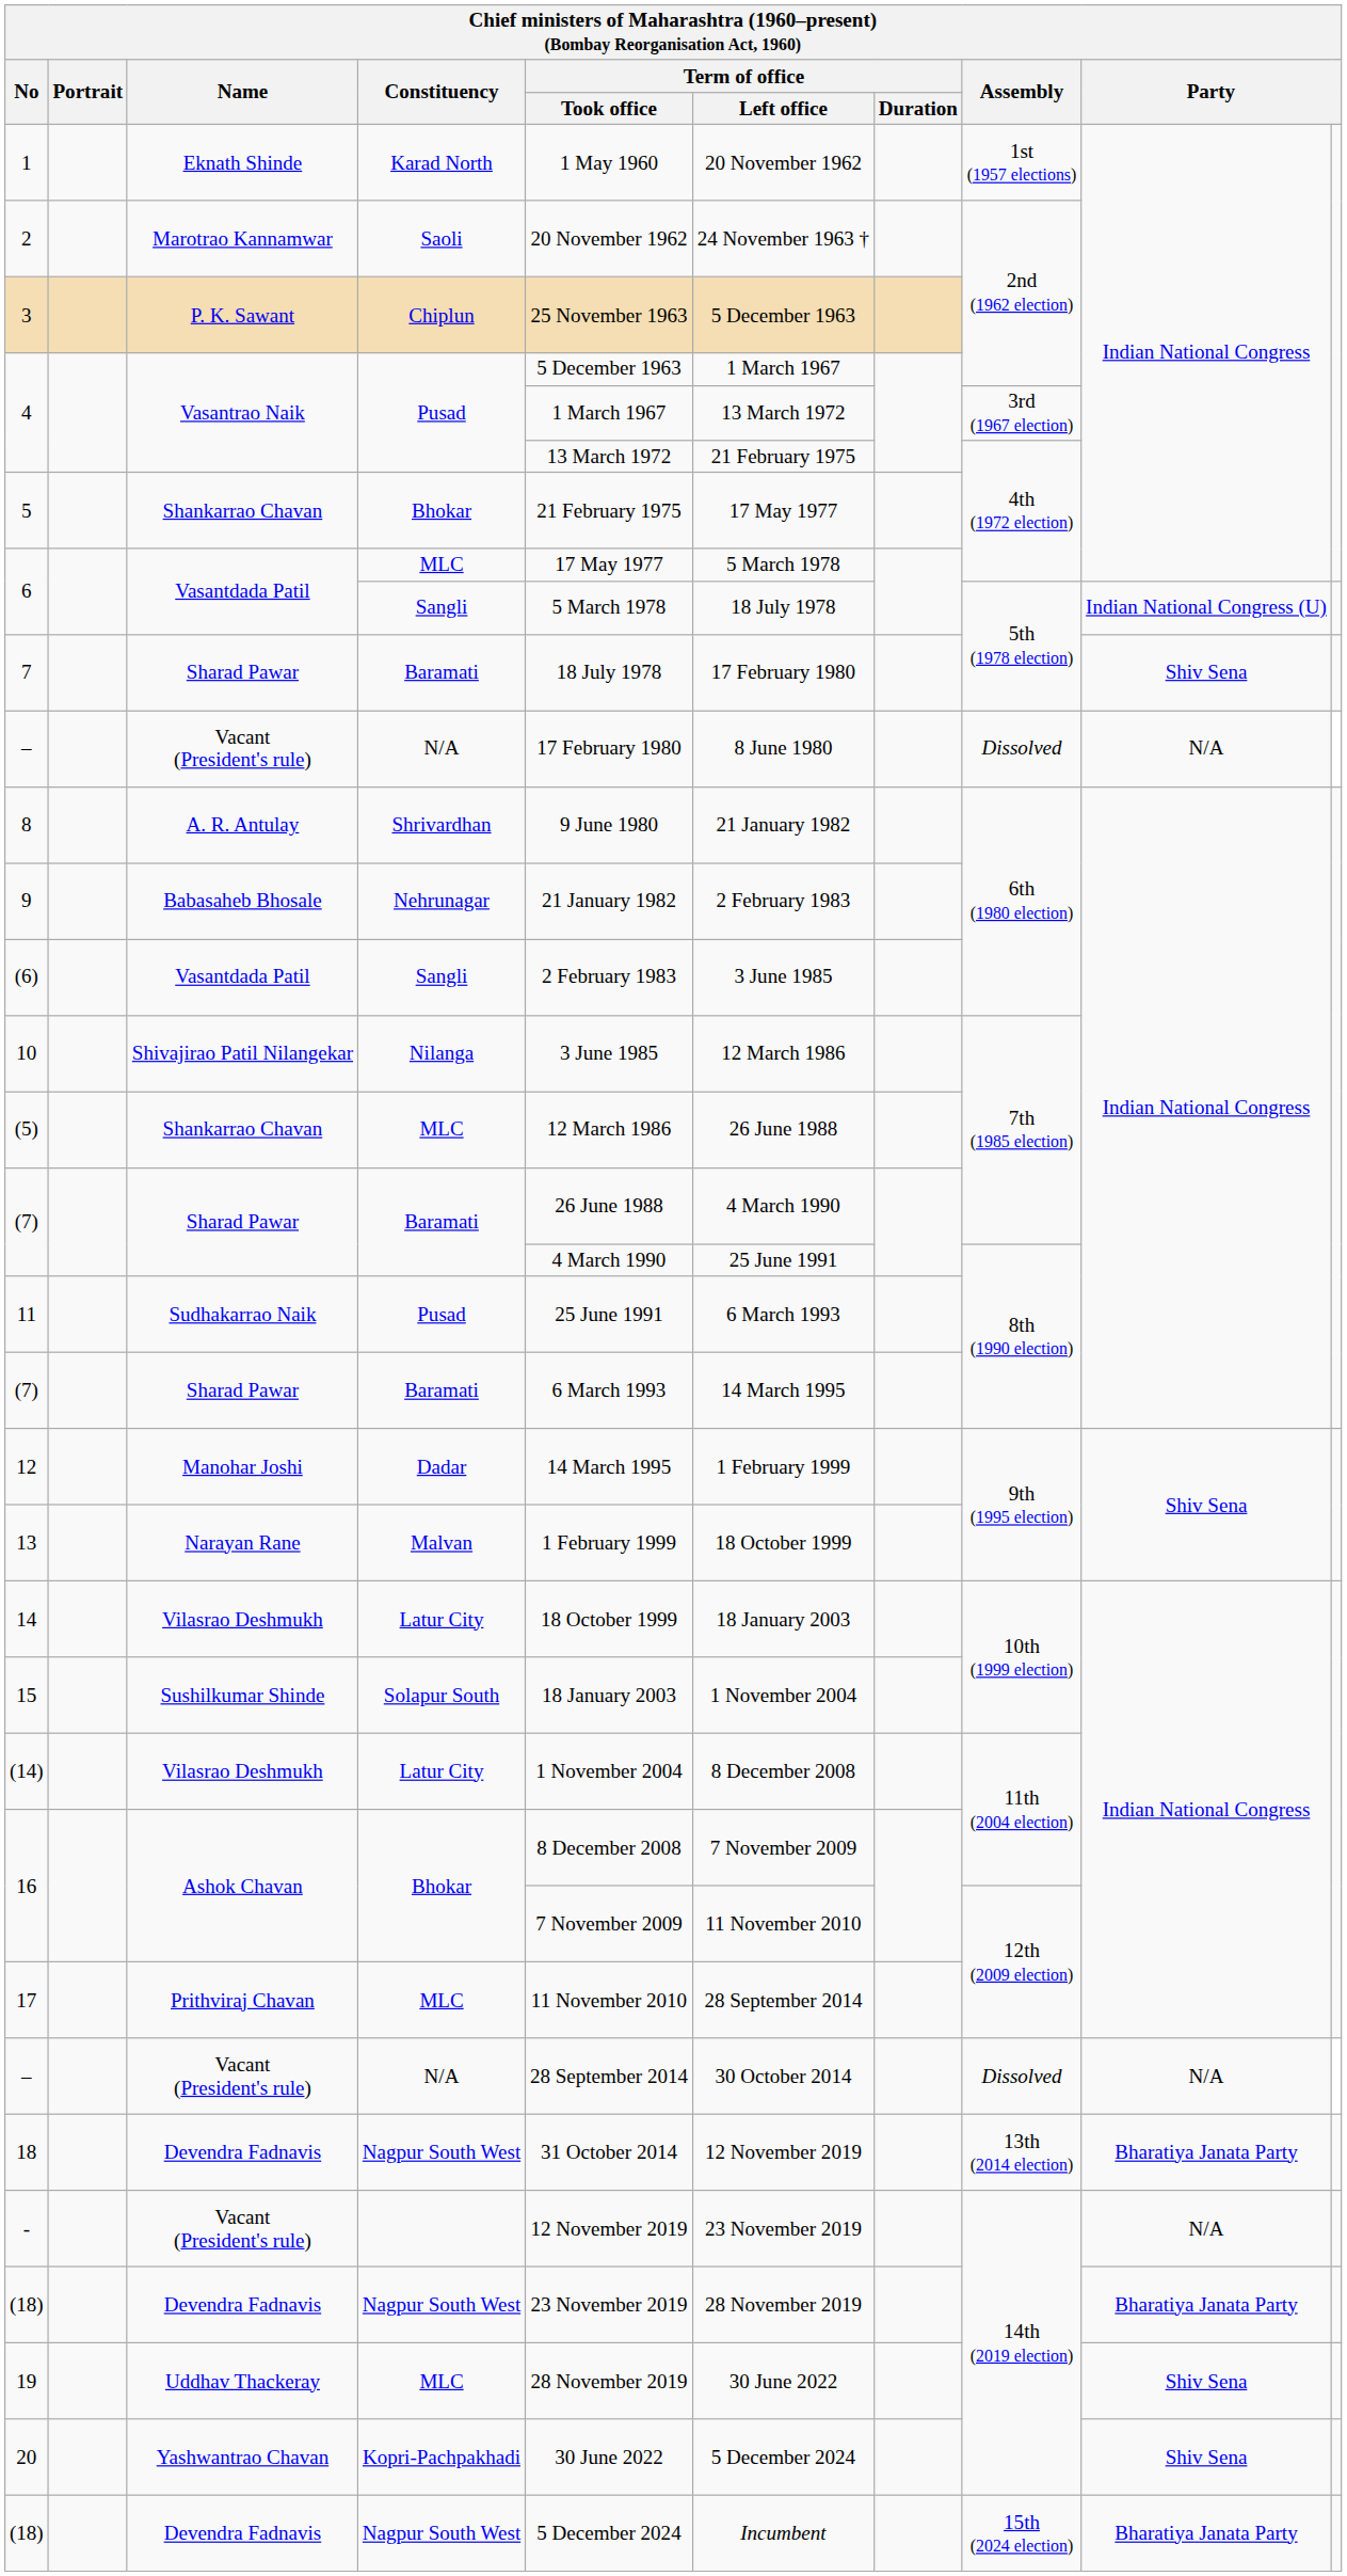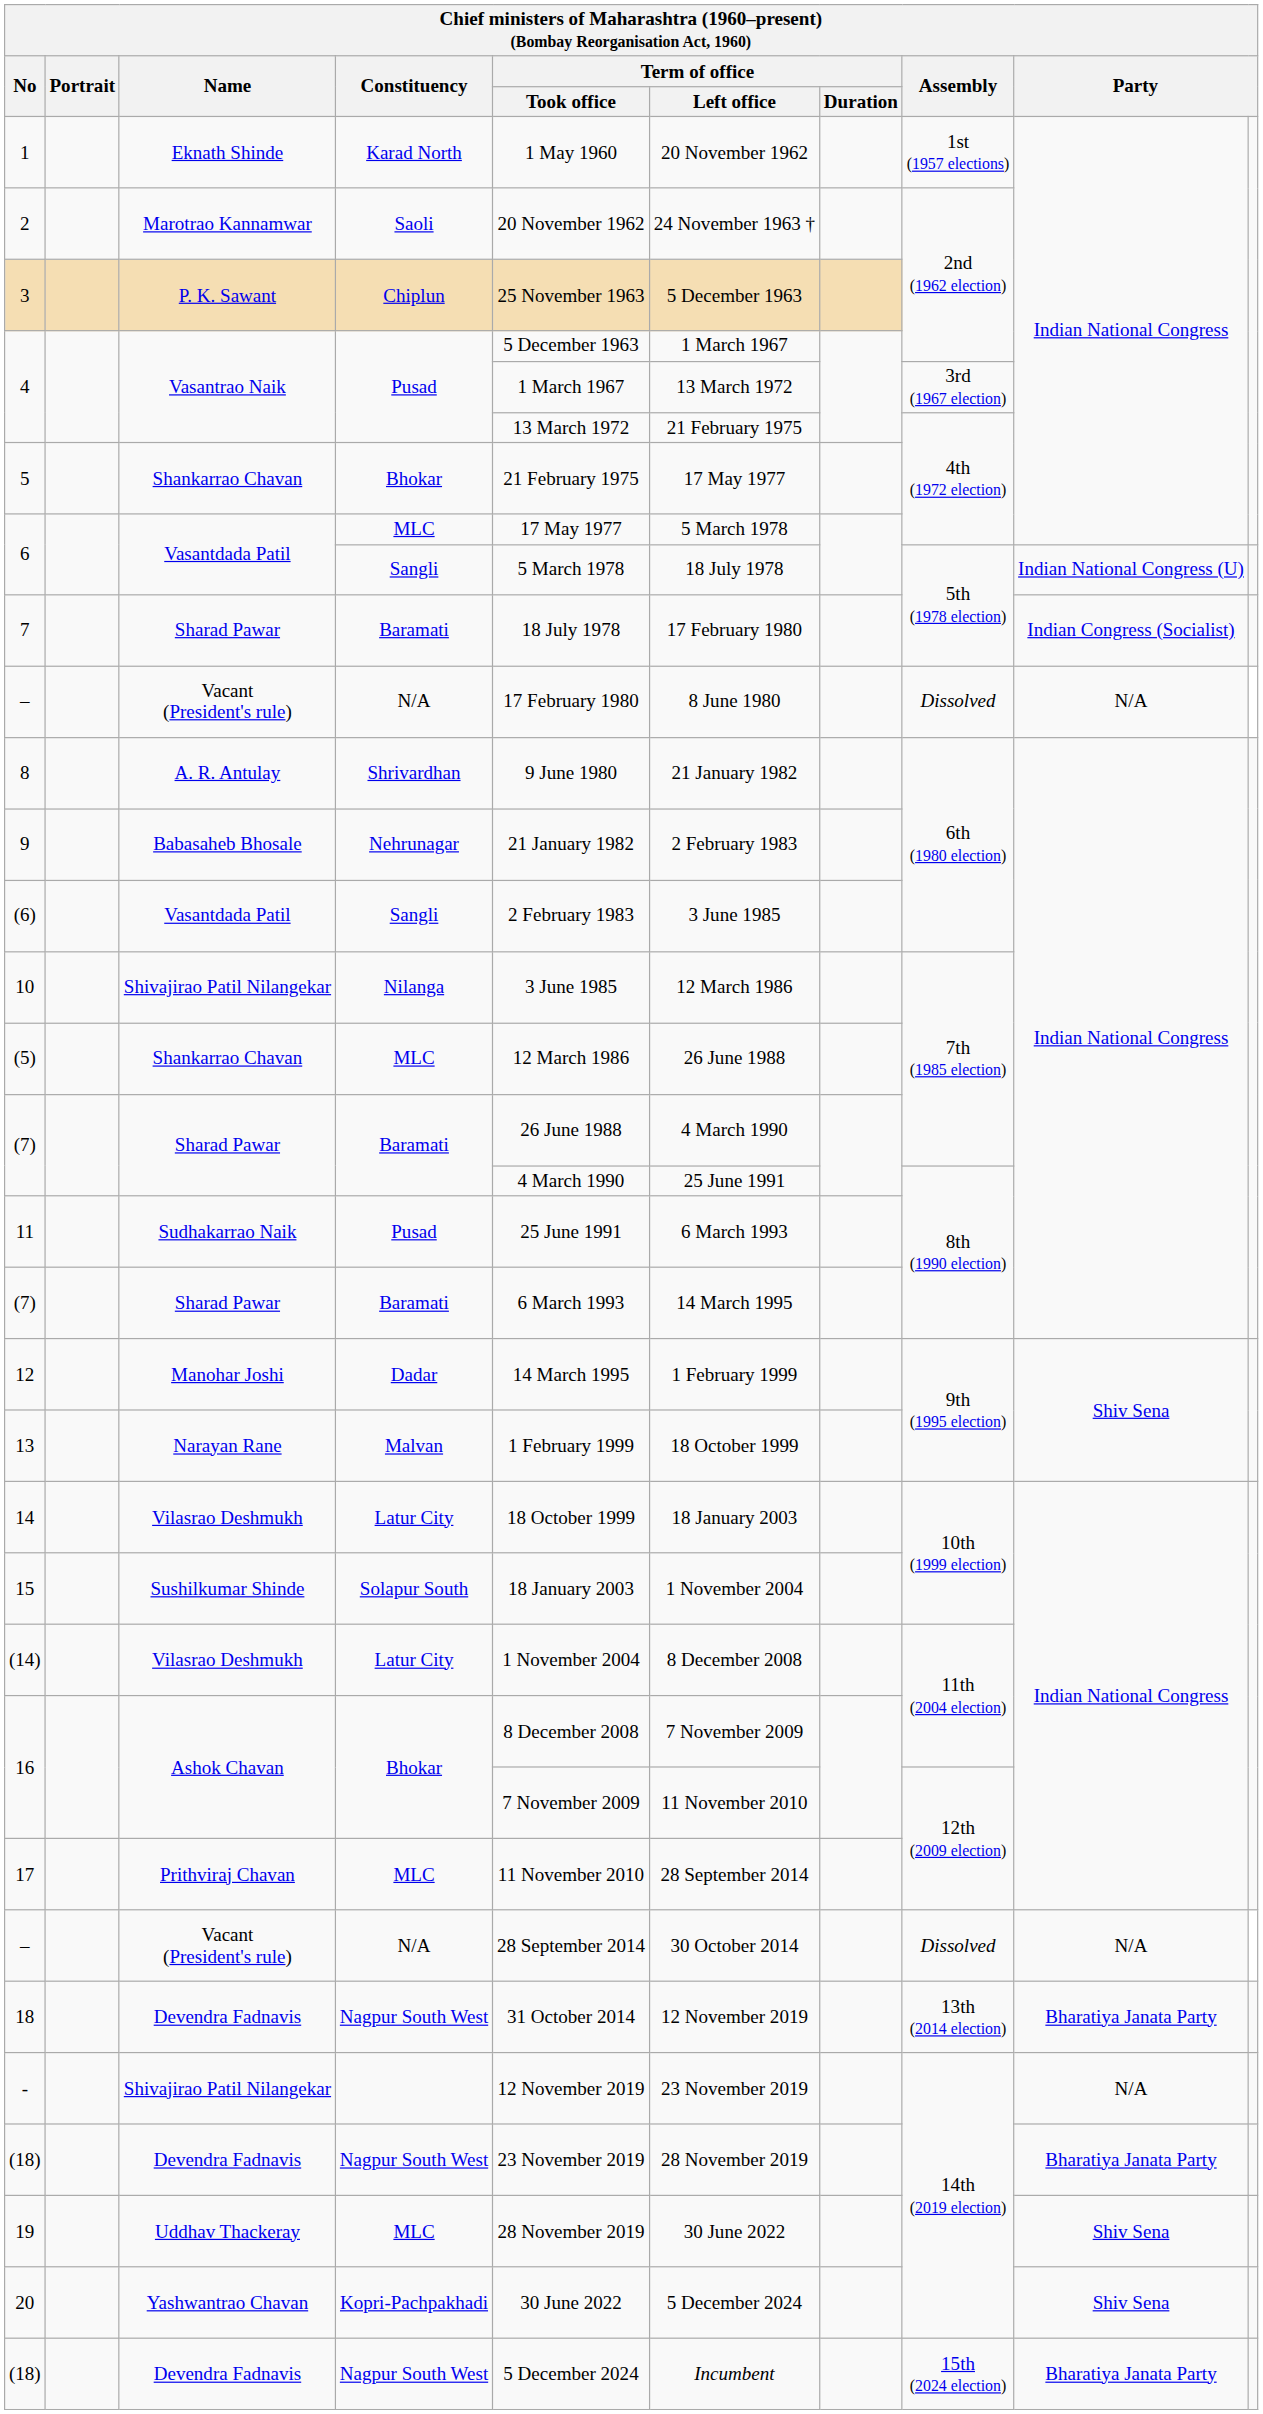 <table class="wikitable">
 <tr>
 <th colspan="10">Chief ministers of Maharashtra (1960–present)<br><small>(Bombay Reorganisation Act, 1960)</small></th>
 </tr>
 <tr>
 <th rowspan="2">No</th>
 <th rowspan="2">Portrait</th>
 <th rowspan="2">Name</th>
 <th rowspan="2">Constituency</th>
 <th colspan="3">Term of office</th>
 <th rowspan="2">Assembly</th>
 <th colspan="2" rowspan="2">Party<br></th>
 </tr>
 <tr>
 <th>Took office</th>
 <th>Left office</th>
 <th>Duration</th>
 </tr>
 <tr align="center" style="height: 60px;">
 <td>1</td>
 <td></td>
 <td><a href='#'>Eknath Shinde</a></td>
 <td><a href='#'>Karad North</a></td>
 <td>1 May 1960</td>
 <td>20 November 1962</td>
 <td></td>
 <td>1st<br><small>(<a href='#'>1957 elections</a>)</small></td>
 <td rowspan="8"><a href='#'>Indian National Congress</a></td>
 <td rowspan="8" style="background-color: "></td>
 </tr>
 <tr align="center" style="height: 60px;">
 <td>2</td>
 <td></td>
 <td><a href='#'>Marotrao Kannamwar</a></td>
 <td><a href='#'>Saoli</a></td>
 <td>20 November 1962</td>
 <td>24 November 1963 †</td>
 <td></td>
 <td rowspan="3">2nd<br><small>(<a href='#'>1962 election</a>)</small></td>
 </tr>
 <tr align="center" style="height: 60px;">
 <td style="background-color:Wheat">3</td>
 <td style="background-color:Wheat"></td>
 <td style="background-color:Wheat"><a href='#'>P. K. Sawant</a></td>
 <td style="background-color:Wheat"><a href='#'>Chiplun</a></td>
 <td style="background-color:Wheat">25 November 1963</td>
 <td style="background-color:Wheat">5 December 1963</td>
 <td style="background-color:Wheat"></td>
 </tr>
 <tr align="center">
 <td rowspan="3" style="height: 60px;">4</td>
 <td rowspan="3"></td>
 <td rowspan="3"><a href='#'>Vasantrao Naik</a></td>
 <td rowspan="3"><a href='#'>Pusad</a></td>
 <td>5 December 1963</td>
 <td>1 March 1967</td>
 <td rowspan="3"></td>
 </tr>
 <tr align="center">
 <td>1 March 1967</td>
 <td>13 March 1972</td>
 <td>3rd<br><small>(<a href='#'>1967 election</a>)</small></td>
 </tr>
 <tr align="center">
 <td>13 March 1972</td>
 <td>21 February 1975</td>
 <td rowspan="3">4th<br><small>(<a href='#'>1972 election</a>)</small></td>
 </tr>
 <tr align="center" style="height: 60px;">
 <td>5</td>
 <td></td>
 <td><a href='#'>Shankarrao Chavan</a></td>
 <td><a href='#'>Bhokar</a></td>
 <td>21 February 1975</td>
 <td>17 May 1977</td>
 <td></td>
 </tr>
 <tr align="center">
 <td rowspan="2" style="height: 60px;">6</td>
 <td rowspan="2"></td>
 <td rowspan="2"><a href='#'>Vasantdada Patil</a></td>
 <td><a href='#'>MLC</a></td>
 <td>17 May 1977</td>
 <td>5 March 1978</td>
 <td rowspan="2"></td>
 </tr>
 <tr align="center">
 <td><a href='#'>Sangli</a></td>
 <td>5 March 1978</td>
 <td>18 July 1978</td>
 <td rowspan="2">5th<br><small>(<a href='#'>1978 election</a>)</small></td>
 <td><a href='#'>Indian National Congress (U)</a><br></td>
 <td style="background-color: "></td>
 </tr>
 <tr align="center" style="height: 60px;">
 <td>7</td>
 <td></td>
 <td><a href='#'>Sharad Pawar</a></td>
 <td><a href='#'>Baramati</a></td>
 <td>18 July 1978</td>
 <td>17 February 1980</td>
 <td></td>
-<td><a href='#'>Shiv Sena</a><br></td>
+<td><a href='#'>Indian Congress (Socialist)</a></td>
 <td style="background-color: "></td>
 </tr>
 <tr align="center" style="height: 60px;">
 <td>–</td>
 <td></td>
 <td>Vacant<br>(<a href='#'>President's rule</a>)</td>
 <td>N/A</td>
 <td>17 February 1980</td>
 <td>8 June 1980</td>
 <td></td>
 <td><em>Dissolved</em></td>
 <td>N/A</td>
 <td style="background-color: white"></td>
 </tr>
 <tr align="center" style="height: 60px;">
 <td>8</td>
 <td></td>
 <td><a href='#'>A. R. Antulay</a></td>
 <td><a href='#'>Shrivardhan</a></td>
 <td>9 June 1980</td>
 <td>21 January 1982</td>
 <td></td>
 <td rowspan="3">6th<br><small>(<a href='#'>1980 election</a>)</small></td>
 <td rowspan="9"><a href='#'>Indian National Congress</a></td>
 <td rowspan="9" style="background-color: "></td>
 </tr>
 <tr align="center" style="height: 60px;">
 <td>9</td>
 <td></td>
 <td><a href='#'>Babasaheb Bhosale</a></td>
 <td><a href='#'>Nehrunagar</a></td>
 <td>21 January 1982</td>
 <td>2 February 1983</td>
 <td></td>
 </tr>
 <tr align="center" style="height: 60px;">
 <td>(6)</td>
 <td></td>
 <td><a href='#'>Vasantdada Patil</a></td>
 <td><a href='#'>Sangli</a></td>
 <td>2 February 1983</td>
 <td>3 June 1985</td>
 <td></td>
 </tr>
 <tr align="center" style="height: 60px;">
 <td>10</td>
 <td></td>
 <td><a href='#'>Shivajirao Patil Nilangekar</a></td>
 <td><a href='#'>Nilanga</a></td>
 <td>3 June 1985</td>
 <td>12 March 1986</td>
 <td></td>
 <td rowspan="3">7th<br><small>(<a href='#'>1985 election</a>)</small></td>
 </tr>
 <tr align="center" style="height: 60px;">
 <td>(5)</td>
 <td></td>
 <td><a href='#'>Shankarrao Chavan</a></td>
 <td><a href='#'>MLC</a></td>
 <td>12 March 1986</td>
 <td>26 June 1988</td>
 <td></td>
 </tr>
 <tr align="center" style="height: 60px;">
 <td rowspan="2">(7)</td>
 <td rowspan="2"></td>
 <td rowspan="2"><a href='#'>Sharad Pawar</a></td>
 <td rowspan="2"><a href='#'>Baramati</a></td>
 <td>26 June 1988</td>
 <td>4 March 1990</td>
 <td rowspan="2"></td>
 </tr>
 <tr align="center">
 <td>4 March 1990</td>
 <td>25 June 1991</td>
 <td rowspan="3" align="center">8th<br><small>(<a href='#'>1990 election</a>)</small></td>
 </tr>
 <tr align="center" style="height: 60px;">
 <td>11</td>
 <td></td>
 <td><a href='#'>Sudhakarrao Naik</a></td>
 <td><a href='#'>Pusad</a></td>
 <td>25 June 1991</td>
 <td>6 March 1993</td>
 <td></td>
 </tr>
 <tr align="center" style="height: 60px;">
 <td>(7)</td>
 <td></td>
 <td><a href='#'>Sharad Pawar</a></td>
 <td><a href='#'>Baramati</a></td>
 <td>6 March 1993</td>
 <td>14 March 1995</td>
 <td></td>
 </tr>
 <tr align="center" style="height: 60px;">
 <td>12</td>
 <td></td>
 <td><a href='#'>Manohar Joshi</a></td>
 <td><a href='#'>Dadar</a></td>
 <td>14 March 1995</td>
 <td>1 February 1999</td>
 <td></td>
 <td rowspan="2">9th<br><small>(<a href='#'>1995 election</a>)</small></td>
 <td rowspan="2"><a href='#'>Shiv Sena</a><br></td>
 <td rowspan="2" style="background-color: "></td>
 </tr>
 <tr align="center" style="height: 60px;">
 <td>13</td>
 <td></td>
 <td><a href='#'>Narayan Rane</a></td>
 <td><a href='#'>Malvan</a></td>
 <td>1 February 1999</td>
 <td>18 October 1999</td>
 <td></td>
 </tr>
 <tr align="center" style="height: 60px;">
 <td>14</td>
 <td></td>
 <td><a href='#'>Vilasrao Deshmukh</a></td>
 <td><a href='#'>Latur City</a></td>
 <td>18 October 1999</td>
 <td>18 January 2003</td>
 <td></td>
 <td rowspan="2">10th<br><small>(<a href='#'>1999 election</a>)</small></td>
 <td rowspan="6"><a href='#'>Indian National Congress</a><br></td>
 <td rowspan="6" style="background-color: "></td>
 </tr>
 <tr align="center" style="height: 60px;">
 <td>15</td>
 <td></td>
 <td><a href='#'>Sushilkumar Shinde</a></td>
 <td><a href='#'>Solapur South</a></td>
 <td>18 January 2003</td>
 <td>1 November 2004</td>
 <td></td>
 </tr>
 <tr align="center" style="height: 60px;">
 <td>(14)</td>
 <td></td>
 <td><a href='#'>Vilasrao Deshmukh</a></td>
 <td><a href='#'>Latur City</a></td>
 <td>1 November 2004</td>
 <td>8 December 2008</td>
 <td></td>
 <td rowspan="2">11th<br><small>(<a href='#'>2004 election</a>)</small></td>
 </tr>
 <tr align="center" style="height: 60px;">
 <td rowspan="2">16</td>
 <td rowspan="2"></td>
 <td rowspan="2"><a href='#'>Ashok Chavan</a></td>
 <td rowspan="2"><a href='#'>Bhokar</a></td>
 <td>8 December 2008</td>
 <td>7 November 2009</td>
 <td rowspan="2"></td>
 </tr>
 <tr align="center" style="height: 60px;">
 <td>7 November 2009</td>
 <td>11 November 2010</td>
 <td rowspan="2">12th<br><small>(<a href='#'>2009 election</a>)</small></td>
 </tr>
 <tr align="center" style="height: 60px;">
 <td>17</td>
 <td></td>
 <td><a href='#'>Prithviraj Chavan</a></td>
 <td><a href='#'>MLC</a></td>
 <td>11 November 2010</td>
 <td>28 September 2014</td>
 <td></td>
 </tr>
 <tr align="center" style="height: 60px;">
 <td>–</td>
 <td></td>
 <td>Vacant<br>(<a href='#'>President's rule</a>)</td>
 <td>N/A</td>
 <td>28 September 2014</td>
 <td>30 October 2014</td>
 <td></td>
 <td><em>Dissolved</em></td>
 <td>N/A</td>
 <td style="background-color: white"></td>
 </tr>
 <tr align="center" style="height: 60px;">
 <td>18</td>
 <td></td>
 <td><a href='#'>Devendra Fadnavis</a></td>
 <td><a href='#'>Nagpur South West</a></td>
 <td>31 October 2014</td>
 <td>12 November 2019</td>
 <td></td>
 <td>13th<br><small>(<a href='#'>2014 election</a>)</small></td>
 <td><a href='#'>Bharatiya Janata Party</a><br></td>
 <td style="background-color: "></td>
 </tr>
 <tr align="center" style="height: 60px;">
 <td>-</td>
 <td></td>
-<td>Vacant<br>(<a href='#'>President's rule</a>)</td>
+<td><a href='#'>Shivajirao Patil Nilangekar</a></td>
 <td></td>
 <td>12 November 2019</td>
 <td>23 November 2019</td>
 <td></td>
 <td rowspan="4">14th<br><small>(<a href='#'>2019 election</a>)</small></td>
 <td>N/A</td>
 <td></td>
 </tr>
 <tr align="center" style="height: 60px;">
 <td>(18)</td>
 <td></td>
 <td><a href='#'>Devendra Fadnavis</a></td>
 <td><a href='#'>Nagpur South West</a></td>
 <td>23 November 2019</td>
 <td>28 November 2019</td>
 <td></td>
 <td><a href='#'>Bharatiya Janata Party</a><br></td>
 <td style="background-color: "></td>
 </tr>
 <tr align="center" style="height: 60px;">
 <td>19</td>
 <td></td>
 <td><a href='#'>Uddhav Thackeray</a></td>
 <td><a href='#'>MLC</a></td>
 <td>28 November 2019</td>
 <td>30 June 2022</td>
 <td></td>
 <td><a href='#'>Shiv Sena</a><br></td>
 <td style="background-color:"></td>
 </tr>
 <tr align="center" style="height: 60px;">
 <td>20</td>
 <td></td>
 <td><a href='#'>Yashwantrao Chavan</a></td>
 <td><a href='#'>Kopri-Pachpakhadi</a></td>
 <td>30 June 2022</td>
 <td>5 December 2024</td>
 <td></td>
 <td><a href='#'>Shiv Sena</a><br></td>
 <td style="background-color:"></td>
 </tr>
 <tr align="center" style="height: 60px;">
 <td>(18)</td>
 <td></td>
 <td><a href='#'>Devendra Fadnavis</a></td>
 <td><a href='#'>Nagpur South West</a></td>
 <td>5 December 2024</td>
 <td><em>Incumbent</em></td>
 <td></td>
 <td><a href='#'>15th</a><br><small>(<a href='#'>2024 election</a>)</small></td>
 <td><a href='#'>Bharatiya Janata Party</a><br></td>
 <td style="background-color: "></td>
 </tr>
 </table>
